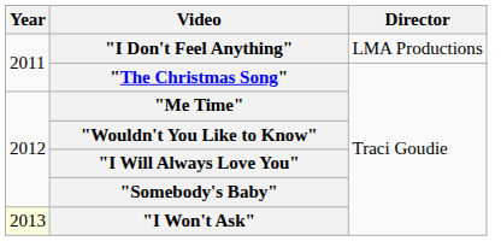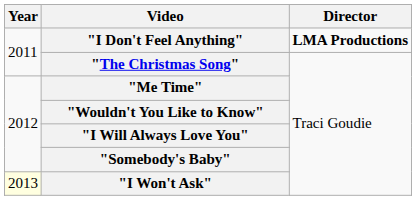 <table class="wikitable plainrowheaders">
 <tr>
 <th>Year</th>
 <th style="width:16em;">Video</th>
 <th>Director</th>
 </tr>
 <tr>
 <td rowspan="2">2011</td>
 <th scope="row">"I Don't Feel Anything"</th>
-<td rowspan="1">LMA Productions</td>
+<td rowspan="1"><strong>LMA Productions</strong></td>
 </tr>
 <tr>
 <th scope="row">"<a href='#'>The Christmas Song</a>"</th>
 <td rowspan="6">Traci Goudie</td>
 </tr>
 <tr>
 <td rowspan="4">2012</td>
 <th scope="row">"Me Time"</th>
 </tr>
 <tr>
 <th scope="row">"Wouldn't You Like to Know"</th>
 </tr>
 <tr>
 <th scope="row">"I Will Always Love You"</th>
 </tr>
 <tr>
 <th scope="row">"Somebody's Baby"</th>
 </tr>
 <tr>
 <td style="background: lightyellow;">2013</td>
 <th scope="row">"I Won't Ask"</th>
 </tr>
 </table>
